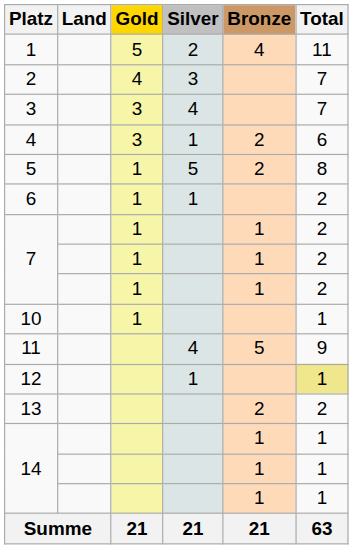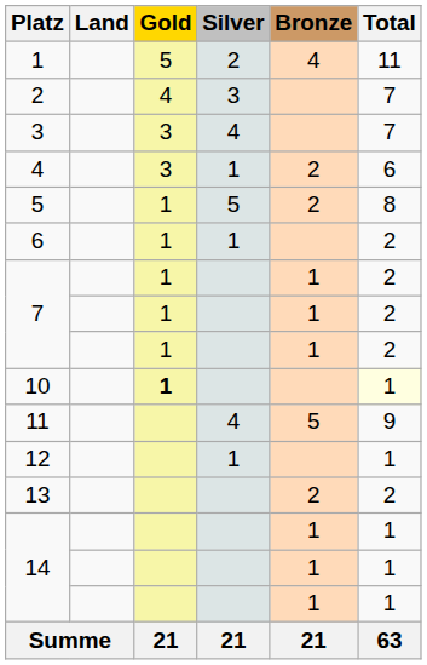 <table class="wikitable" style="text-align:center; vertical-align:middle;">
 <tr>
 <th style="text-align:left;">Platz</th>
 <th style="text-align:left;">Land</th>
 <th style="background-color:#FFD700;">Gold</th>
 <th style="background-color:#C0C0C0;">Silver</th>
 <th style="background-color:#cc9966;">Bronze</th>
 <th>Total</th>
 </tr>
 <tr>
 <td>1</td>
 <td style="text-align:left;"></td>
 <td style="background:#F7F6A8;">5</td>
 <td style="background:#DCE5E5;">2</td>
 <td style="background:#FFDAB9;">4</td>
 <td>11</td>
 </tr>
 <tr>
 <td>2</td>
 <td style="text-align:left;"></td>
 <td style="background:#F7F6A8;">4</td>
 <td style="background:#DCE5E5;">3</td>
 <td style="background:#FFDAB9;"></td>
 <td>7</td>
 </tr>
 <tr>
 <td>3</td>
 <td style="text-align:left;"></td>
 <td style="background:#F7F6A8;">3</td>
 <td style="background:#DCE5E5;">4</td>
 <td style="background:#FFDAB9;"></td>
 <td>7</td>
 </tr>
 <tr>
 <td>4</td>
 <td style="text-align:left;"></td>
 <td style="background:#F7F6A8;">3</td>
 <td style="background:#DCE5E5;">1</td>
 <td style="background:#FFDAB9;">2</td>
 <td>6</td>
 </tr>
 <tr>
 <td>5</td>
 <td style="text-align:left;"></td>
 <td style="background:#F7F6A8;">1</td>
 <td style="background:#DCE5E5;">5</td>
 <td style="background:#FFDAB9;">2</td>
 <td>8</td>
 </tr>
 <tr>
 <td>6</td>
 <td style="text-align:left;"></td>
 <td style="background:#F7F6A8;">1</td>
 <td style="background:#DCE5E5;">1</td>
 <td style="background:#FFDAB9;"></td>
 <td>2</td>
 </tr>
 <tr>
 <td rowspan="3">7</td>
 <td style="text-align:left;"></td>
 <td style="background:#F7F6A8;">1</td>
 <td style="background:#DCE5E5;"></td>
 <td style="background:#FFDAB9;">1</td>
 <td>2</td>
 </tr>
 <tr>
 <td style="text-align:left;"></td>
 <td style="background:#F7F6A8;">1</td>
 <td style="background:#DCE5E5;"></td>
 <td style="background:#FFDAB9;">1</td>
 <td>2</td>
 </tr>
 <tr>
 <td style="text-align:left;"></td>
 <td style="background:#F7F6A8;">1</td>
 <td style="background:#DCE5E5;"></td>
 <td style="background:#FFDAB9;">1</td>
 <td>2</td>
 </tr>
 <tr>
 <td>10</td>
 <td style="text-align:left;"></td>
-<td style="background:#F7F6A8;">1</td>
+<td style="background:#F7F6A8;"><strong>1</strong></td>
 <td style="background:#DCE5E5;"></td>
 <td style="background:#FFDAB9;"></td>
-<td>1</td>
+<td style="background: lightyellow;">1</td>
 </tr>
 <tr>
 <td>11</td>
 <td style="text-align:left;"></td>
 <td style="background:#F7F6A8;"></td>
 <td style="background:#DCE5E5;">4</td>
 <td style="background:#FFDAB9;">5</td>
 <td>9</td>
 </tr>
 <tr>
 <td>12</td>
 <td style="text-align:left;"></td>
 <td style="background:#F7F6A8;"></td>
 <td style="background:#DCE5E5;">1</td>
 <td style="background:#FFDAB9;"></td>
-<td style="background: khaki;">1</td>
+<td>1</td>
 </tr>
 <tr>
 <td>13</td>
 <td style="text-align:left;"></td>
 <td style="background:#F7F6A8;"></td>
 <td style="background:#DCE5E5;"></td>
 <td style="background:#FFDAB9;">2</td>
 <td>2</td>
 </tr>
 <tr>
 <td rowspan="3">14</td>
 <td style="text-align:left;"></td>
 <td style="background:#F7F6A8;"></td>
 <td style="background:#DCE5E5;"></td>
 <td style="background:#FFDAB9;">1</td>
 <td>1</td>
 </tr>
 <tr>
 <td style="text-align:left;"></td>
 <td style="background:#F7F6A8;"></td>
 <td style="background:#DCE5E5;"></td>
 <td style="background:#FFDAB9;">1</td>
 <td>1</td>
 </tr>
 <tr>
 <td style="text-align:left;"></td>
 <td style="background:#F7F6A8;"></td>
 <td style="background:#DCE5E5;"></td>
 <td style="background:#FFDAB9;">1</td>
 <td>1</td>
 </tr>
 <tr>
 <th colspan="2">Summe</th>
 <th>21</th>
 <th>21</th>
 <th>21</th>
 <th>63</th>
 </tr>
 </table>
